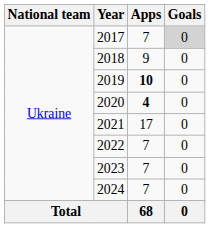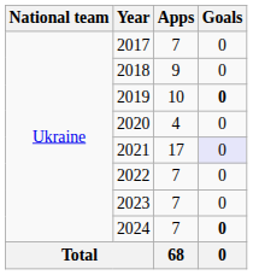 <table class="wikitable" style="text-align:center">
 <tr>
 <th>National team</th>
 <th>Year</th>
 <th>Apps</th>
 <th>Goals</th>
 </tr>
 <tr>
 <td rowspan="8"><a href='#'>Ukraine</a></td>
 <td>2017</td>
 <td>7</td>
-<td style="background: lightgrey;">0</td>
+<td>0</td>
 </tr>
 <tr>
 <td>2018</td>
 <td>9</td>
 <td>0</td>
 </tr>
 <tr>
 <td>2019</td>
-<td><strong>10</strong></td>
-<td>0</td>
+<td>10</td>
+<td><strong>0</strong></td>
 </tr>
 <tr>
 <td>2020</td>
-<td><strong>4</strong></td>
+<td>4</td>
 <td>0</td>
 </tr>
 <tr>
 <td>2021</td>
 <td>17</td>
-<td>0</td>
+<td style="background: lavender;">0</td>
 </tr>
 <tr>
 <td>2022</td>
 <td>7</td>
 <td>0</td>
 </tr>
 <tr>
 <td>2023</td>
 <td>7</td>
 <td>0</td>
 </tr>
 <tr>
 <td>2024</td>
 <td>7</td>
-<td>0</td>
+<td><strong>0</strong></td>
 </tr>
 <tr>
 <th colspan="2">Total</th>
 <th>68</th>
 <th>0</th>
 </tr>
 </table>
